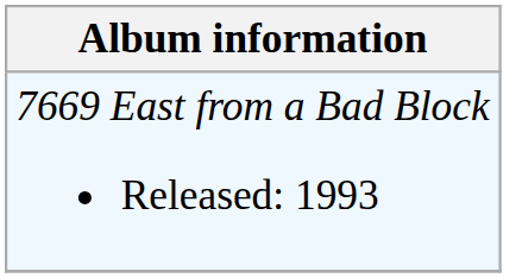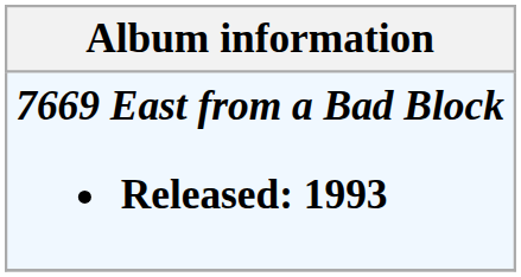 <table class="wikitable">
 <tr>
 <th align="left">Album information</th>
 </tr>
 <tr bgcolor="#F0F8FF">
-<td align="left"><em>7669 East from a Bad Block</em> <br><ul><li>Released: 1993</li></ul></td>
+<td align="left"><strong><em>7669 East from a Bad Block</em> <br><ul><li>Released: 1993</li></ul></strong></td>
 </tr>
 <tr>
 </tr>
 </table>
